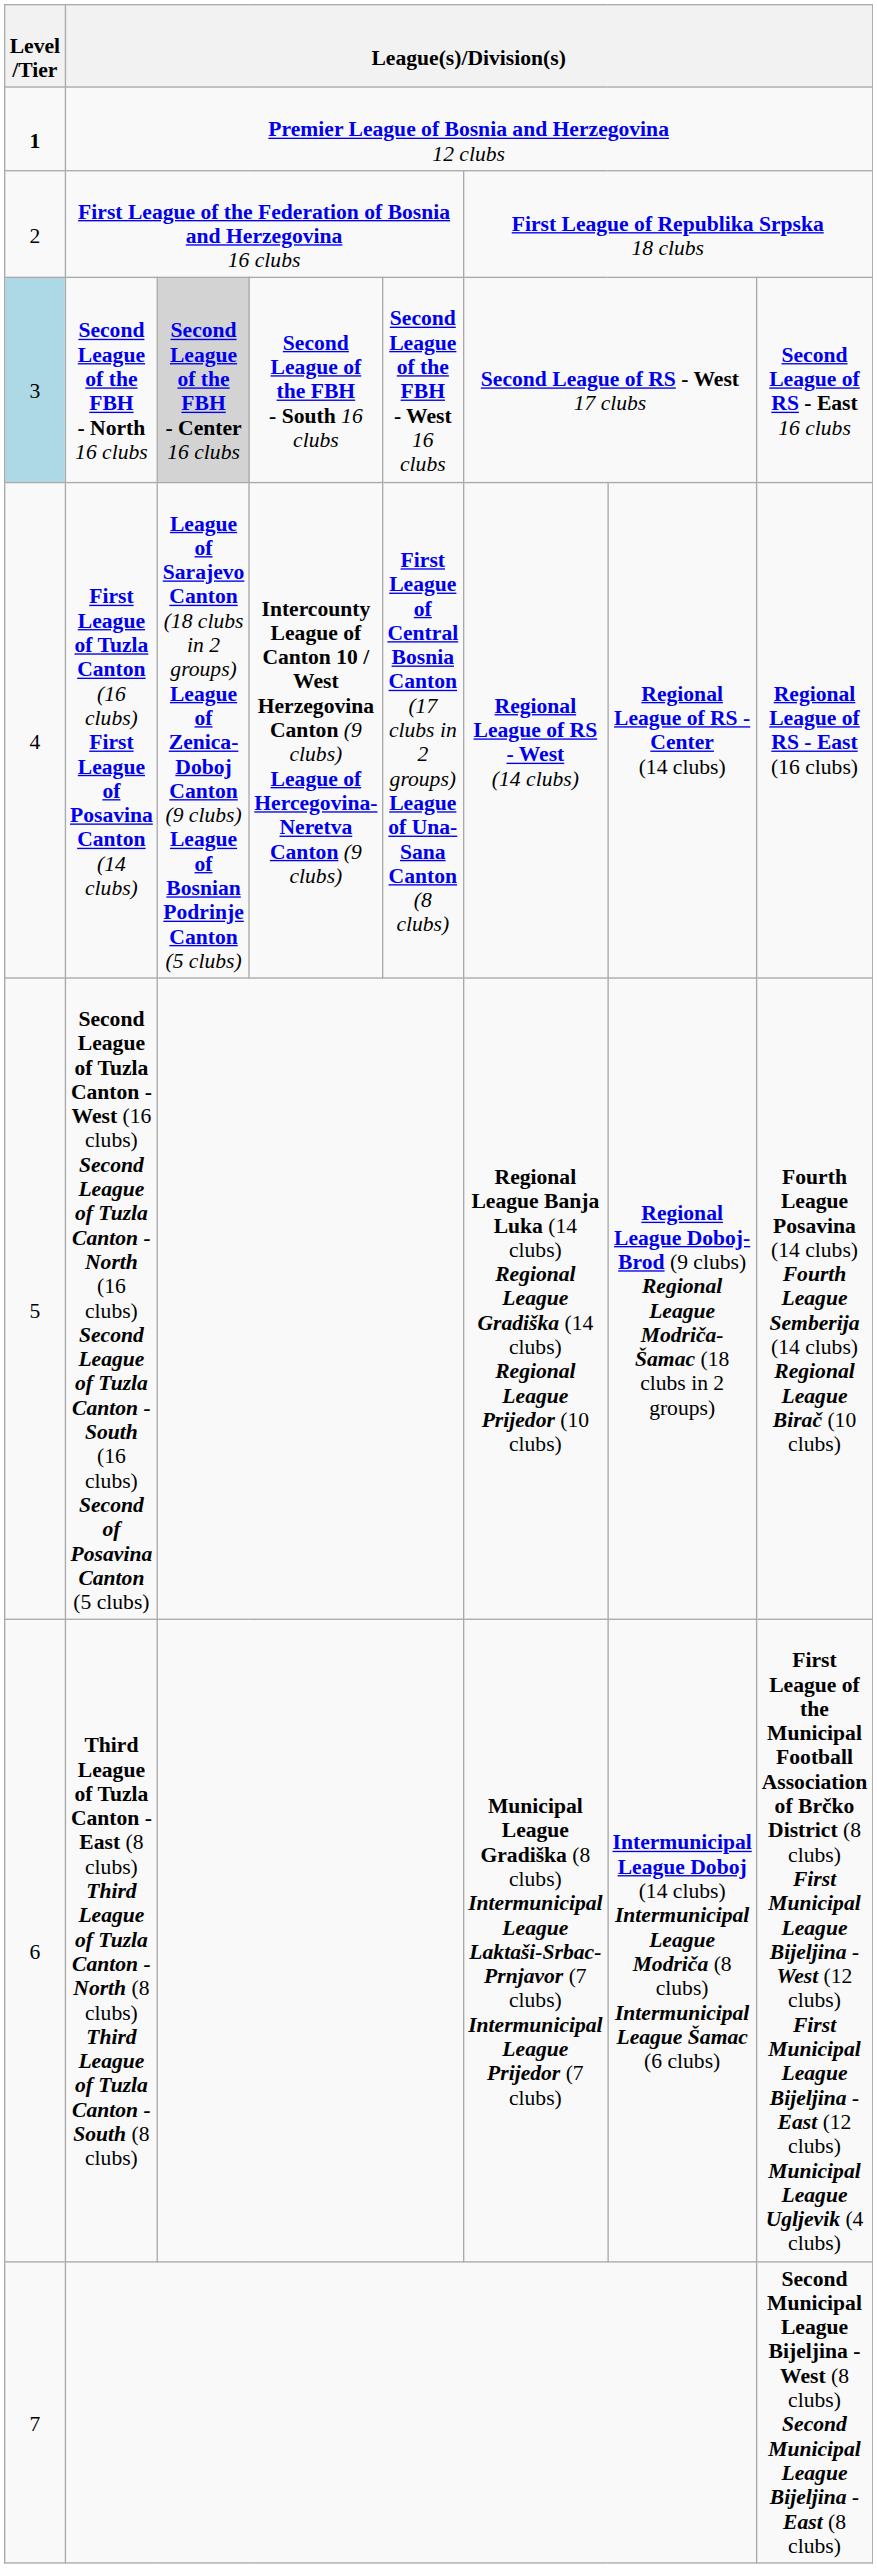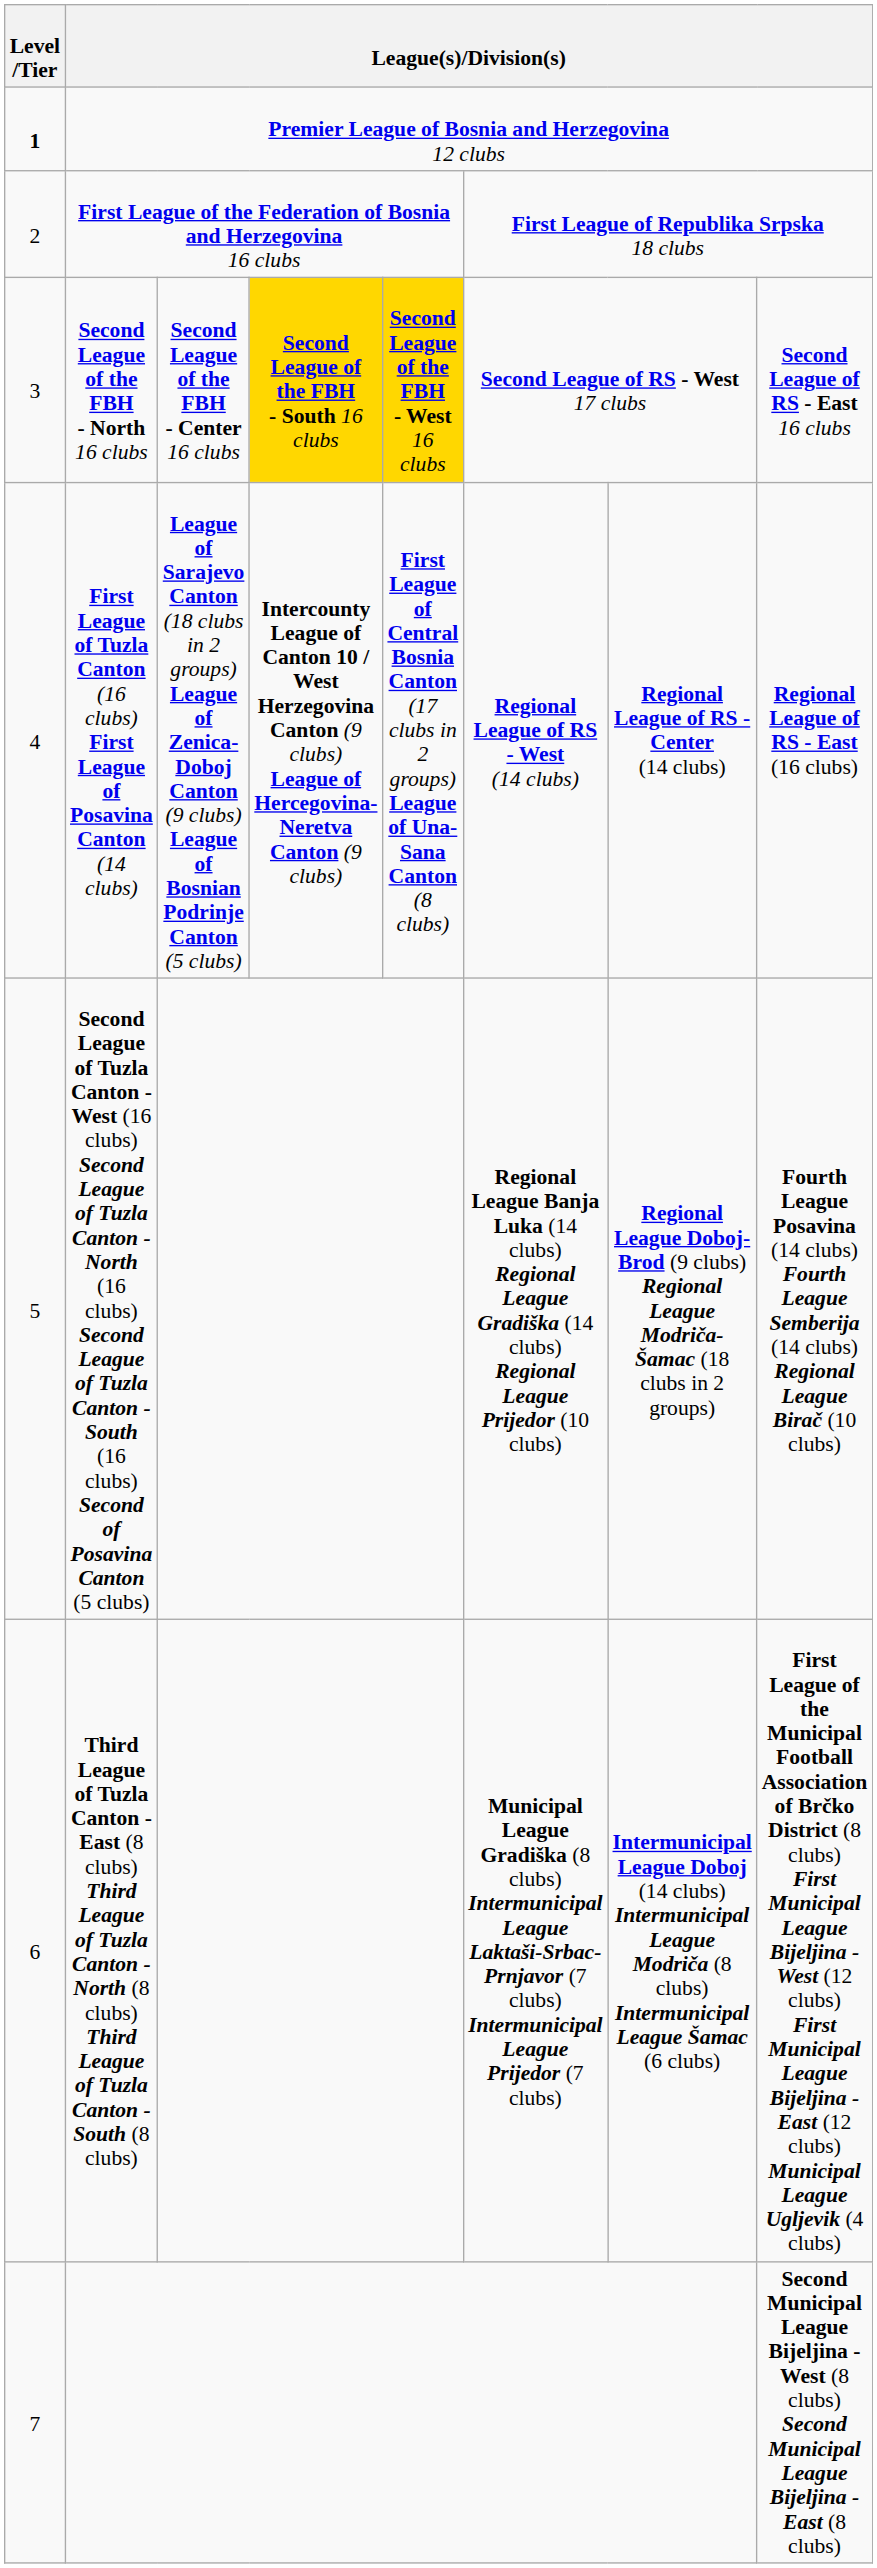 <table class="wikitable" style="text-align: center;">
 <tr>
 <th colspan="1" width="4%"><br>Level<br> /Tier</th>
 <th colspan="7" width="96%"><br>League(s)/Division(s)</th>
 </tr>
 <tr>
 <td colspan="1" width="4%"><strong><br>1</strong></td>
 <td colspan="7" width="96%"><br><strong><a href='#'>Premier League of Bosnia and Herzegovina</a></strong><br> <em>12 clubs</em></td>
 </tr>
 <tr>
 <td colspan="1" width="4%"><br>2</td>
 <td colspan="4" width="48%"><br><strong><a href='#'>First League of the Federation of Bosnia and Herzegovina</a></strong><br> <em>16 clubs</em></td>
 <td colspan="3" width="48%"><br><strong><a href='#'>First League of Republika Srpska</a></strong><br> <em>18 clubs</em></td>
 </tr>
 <tr>
-<td colspan="1" width="4%" style="background: lightblue;"><br>3</td>
+<td colspan="1" width="4%"><br>3</td>
 <td colspan="1" width="12%"><br><strong><a href='#'>Second League of the FBH</a></strong><br> <strong>- North</strong>  <em>16 clubs</em></td>
-<td colspan="1" width="12%" style="background: lightgrey;"><br><strong><a href='#'>Second League of the FBH</a></strong><br> <strong>- Center</strong> <em>16 clubs</em></td>
-<td colspan="1" width="12%"><br><strong><a href='#'>Second League of the FBH</a></strong><br> <strong>- South</strong> <em>16 clubs</em></td>
-<td colspan="1" width="12%"><br><strong><a href='#'>Second League of the FBH</a></strong><br> <strong>- West</strong> <em>16 clubs</em></td>
+<td colspan="1" width="12%"><br><strong><a href='#'>Second League of the FBH</a></strong><br> <strong>- Center</strong> <em>16 clubs</em></td>
+<td colspan="1" width="12%" style="background: gold;"><br><strong><a href='#'>Second League of the FBH</a></strong><br> <strong>- South</strong> <em>16 clubs</em></td>
+<td colspan="1" width="12%" style="background: gold;"><br><strong><a href='#'>Second League of the FBH</a></strong><br> <strong>- West</strong> <em>16 clubs</em></td>
 <td colspan="2" width="24%"><br><strong><a href='#'>Second League of RS</a> - West</strong><br> <em>17 clubs</em></td>
 <td colspan="1" width="24%"><br><strong><a href='#'>Second League of RS</a> - East</strong><br> <em>16 clubs</em></td>
 </tr>
 <tr>
 <td colspan="1" width="4%"><br>4</td>
 <td colspan="1" width="12%"><br><strong><a href='#'>First League of Tuzla Canton</a></strong> <em>(16 clubs)</em><br> <strong><a href='#'>First League of Posavina Canton</a></strong> <em>(14 clubs)</em><br></td>
 <td colspan="1" width="12%"><br><strong><a href='#'>League of Sarajevo Canton</a></strong> <em>(18 clubs in 2 groups)</em><br> <strong><a href='#'>League of Zenica-Doboj Canton</a></strong> <em>(9 clubs)</em><br> <strong><a href='#'>League of Bosnian Podrinje Canton</a></strong> <em>(5 clubs)</em><br></td>
 <td colspan="1" width="12%"><br><strong>Intercounty League of Canton 10 / West Herzegovina Canton</strong> <em>(9 clubs)</em><br> <strong><a href='#'>League of Hercegovina-Neretva Canton</a></strong> <em>(9 clubs)</em><br></td>
 <td colspan="1" width="12%"><br><strong><a href='#'>First League of Central Bosnia Canton</a></strong> <em>(17 clubs in 2 groups)</em><br> <strong><a href='#'>League of Una-Sana Canton</a></strong> <em>(8 clubs)</em><br></td>
 <td colspan="1" width="12%"><br><strong><a href='#'>Regional League of RS - West</a></strong><br> <em>(14 clubs)</td>
 <td colspan="1" width="12%"><strong><a href='#'>Regional League of RS - Center</a></strong><br> (14 clubs)</td>
 <td colspan="1"><strong><a href='#'>Regional League of RS - East</a></strong><br> </em>(16 clubs)<em><br></td>
 </tr>
 <tr>
 <td colspan="1" width="4%"><br>5</td>
 <td colspan="1" width="12%"><br><strong>Second League of Tuzla Canton - West</strong> </em>(16 clubs)<em><br> <strong>Second League of Tuzla Canton - North</strong> </em>(16 clubs)<em><br> <strong>Second League of Tuzla Canton - South</strong> </em>(16 clubs)<em><br> <strong>Second of Posavina Canton</strong> </em>(5 clubs)<em></td>
 <td colspan="3" width="12%"></td>
 <td colspan="1" width="12%"><br><strong>Regional League Banja Luka</strong> </em>(14 clubs)<em><br> <strong>Regional League Gradiška</strong> </em>(14 clubs)<em><br> <strong>Regional League Prijedor</strong> </em>(10 clubs)<em></td>
 <td colspan="1" width="12%"><br><strong><a href='#'>Regional League Doboj-Brod</a></strong> </em>(9 clubs)<em> <strong>Regional League Modriča-Šamac</strong> </em>(18 clubs in 2 groups)<em></td>
 <td colspan="1" width="12%"><br><strong>Fourth League Posavina</strong> </em>(14 clubs)<em><br> <strong>Fourth League Semberija</strong> </em>(14 clubs)<em><br> <strong>Regional League Birač</strong> </em>(10 clubs)<em></td>
 </tr>
 <tr>
 <td colspan="1" width="4%"><br>6</td>
 <td colspan="1" width="6%"><br><strong>Third League of Tuzla Canton - East</strong> </em>(8 clubs)<em><br> <strong>Third League of Tuzla Canton - North</strong> </em>(8 clubs)<em><br> <strong>Third League of Tuzla Canton - South</strong> </em>(8 clubs)<em><br></td>
 <td colspan="3" width="24%"></td>
 <td colspan="1" width="12%"><br><strong>Municipal League Gradiška</strong> </em>(8 clubs)<em><br> <strong>Intermunicipal League Laktaši-Srbac-Prnjavor</strong> </em>(7 clubs)<em><br> <strong>Intermunicipal League Prijedor</strong> </em>(7 clubs)<em></td>
 <td colspan="1" width="12%"><br><strong><a href='#'>Intermunicipal League Doboj</a></strong> </em>(14 clubs)<em><br><strong>Intermunicipal League Modriča</strong> </em>(8 clubs)<em><br> <strong>Intermunicipal League Šamac</strong> </em>(6 clubs)<em></td>
 <td colspan="1" width="12%"><br><strong>First League of the Municipal Football Association of Brčko District</strong> </em>(8 clubs)<em><br><strong>First Municipal League Bijeljina - West</strong> </em>(12 clubs)<em><br> <strong>First Municipal League Bijeljina - East</strong> </em>(12 clubs)<em><br> <strong>Municipal League Ugljevik</strong> </em>(4 clubs)<em></td>
 </tr>
 <tr>
 <td colspan="1" width="4%"><br>7</td>
 <td colspan="6" width="12%"><br></td>
 <td><strong>Second Municipal League Bijeljina - West</strong> </em>(8 clubs)<em><br><strong>Second Municipal League Bijeljina - East</strong> </em>(8 clubs)<em></td>
 </tr>
 </table>
